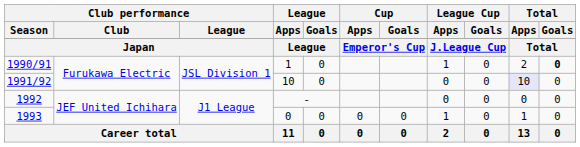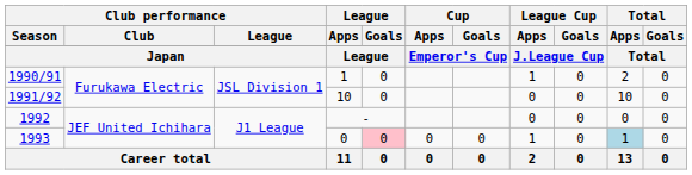 <table class="wikitable" style="text-align:center">
 <tr>
 <th colspan=3>Club performance</th>
 <th colspan=2>League</th>
 <th colspan=2>Cup</th>
 <th colspan=2>League Cup</th>
 <th colspan=2>Total</th>
 </tr>
 <tr>
 <th>Season</th>
 <th>Club</th>
 <th>League</th>
 <th>Apps</th>
 <th>Goals</th>
 <th>Apps</th>
 <th>Goals</th>
 <th>Apps</th>
 <th>Goals</th>
 <th>Apps</th>
 <th>Goals</th>
 </tr>
 <tr>
 </tr>
 <tr>
 <th colspan=3>Japan</th>
 <th colspan=2>League</th>
 <th colspan=2><a href='#'>Emperor's Cup</a></th>
 <th colspan=2><a href='#'>J.League Cup</a></th>
 <th colspan=2>Total</th>
 </tr>
 <tr>
 <td><a href='#'>1990/91</a></td>
 <td rowspan="2"><a href='#'>Furukawa Electric</a></td>
 <td rowspan="2"><a href='#'>JSL Division 1</a></td>
 <td>1</td>
 <td>0</td>
 <td></td>
 <td></td>
 <td>1</td>
 <td>0</td>
 <td>2</td>
-<td><strong>0</strong></td>
+<td>0</td>
 </tr>
 <tr>
 <td><a href='#'>1991/92</a></td>
 <td>10</td>
 <td>0</td>
 <td></td>
 <td></td>
 <td>0</td>
 <td>0</td>
-<td style="background: lavender;">10</td>
+<td>10</td>
 <td>0</td>
 </tr>
 <tr>
 <td><a href='#'>1992</a></td>
 <td rowspan="2"><a href='#'>JEF United Ichihara</a></td>
 <td rowspan="2"><a href='#'>J1 League</a></td>
 <td colspan="2">-</td>
 <td></td>
 <td></td>
 <td>0</td>
 <td>0</td>
 <td>0</td>
 <td>0</td>
 </tr>
 <tr>
 <td><a href='#'>1993</a></td>
 <td>0</td>
-<td>0</td>
+<td style="background: pink;">0</td>
 <td>0</td>
 <td>0</td>
 <td>1</td>
 <td>0</td>
-<td>1</td>
+<td style="background: lightblue;">1</td>
 <td>0</td>
 </tr>
 <tr>
 <th colspan=3>Career total</th>
 <th>11</th>
 <th>0</th>
 <th>0</th>
 <th>0</th>
 <th>2</th>
 <th>0</th>
 <th>13</th>
 <th>0</th>
 </tr>
 </table>
